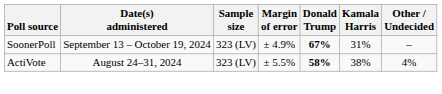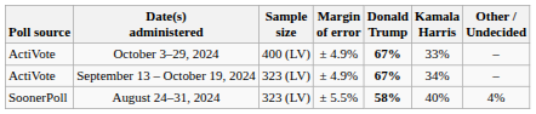 <table class="wikitable sortable mw-datatable" style="font-size:90%;text-align:center;line-height:17px">
 <tr valign=bottom>
 <th>Poll source</th>
 <th>Date(s)<br>administered</th>
 <th>Sample<br>size</th>
 <th>Margin<br>of error</th>
 <th class="unsortable">Donald<br>Trump<br></th>
 <th class="unsortable">Kamala<br>Harris<br></th>
 <th class="unsortable">Other /<br>Undecided</th>
 </tr>
 <tr>
-<td style="text-align:left;">SoonerPoll</td>
+<td style="text-align:left">ActiVote</td>
+<td data-sort-value="2024-10-28">October 3–29, 2024</td>
+<td>400 (LV)</td>
+<td>± 4.9%</td>
+<td style="background-color:"><strong>67%</strong></td>
+<td>33%</td>
+<td>–</td>
+</tr>
+<tr>
+<td style="text-align:left;">ActiVote</td>
 <td data-sort-value="2022-08-31">September 13 – October 19, 2024</td>
 <td>323 (LV)</td>
 <td>± 4.9%</td>
 <td style="background-color:"><strong>67%</strong></td>
-<td>31%</td>
+<td>34%</td>
 <td>–</td>
 </tr>
 <tr>
-<td style="text-align:left">ActiVote</td>
+<td style="text-align:left;">SoonerPoll</td>
 <td data-sort-value="2022-08-31">August 24–31, 2024</td>
 <td>323 (LV)</td>
 <td>± 5.5%</td>
 <td style="background-color:"><strong>58%</strong></td>
-<td>38%</td>
+<td>40%</td>
 <td>4%</td>
 </tr>
 </table>
